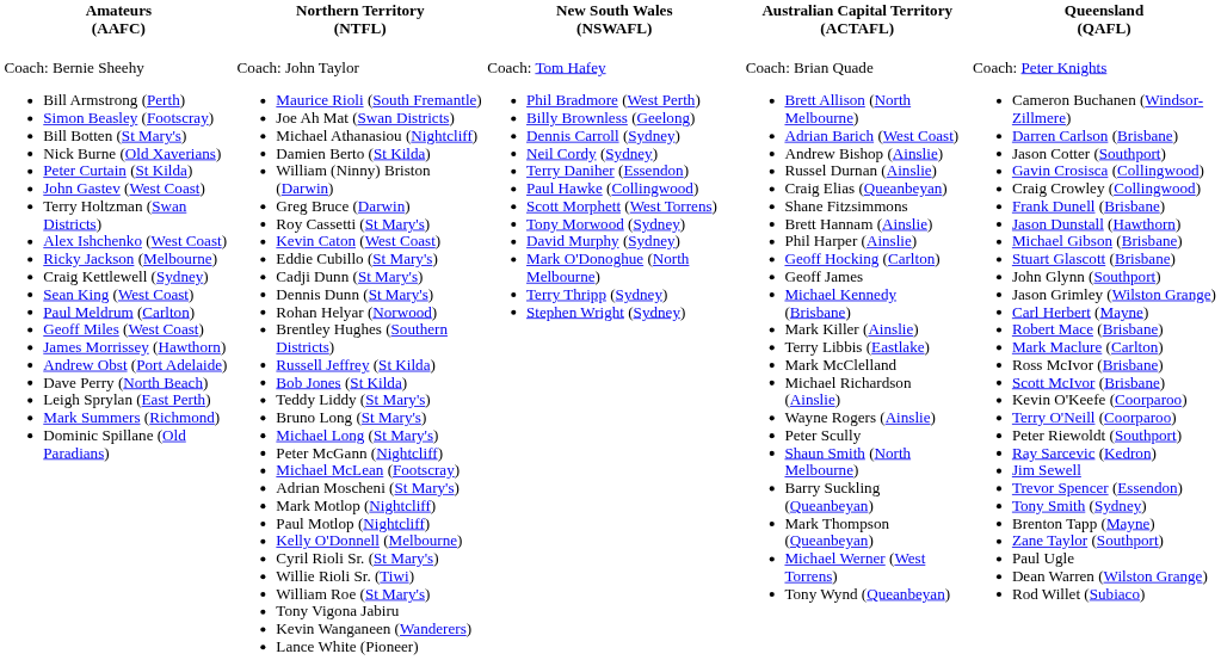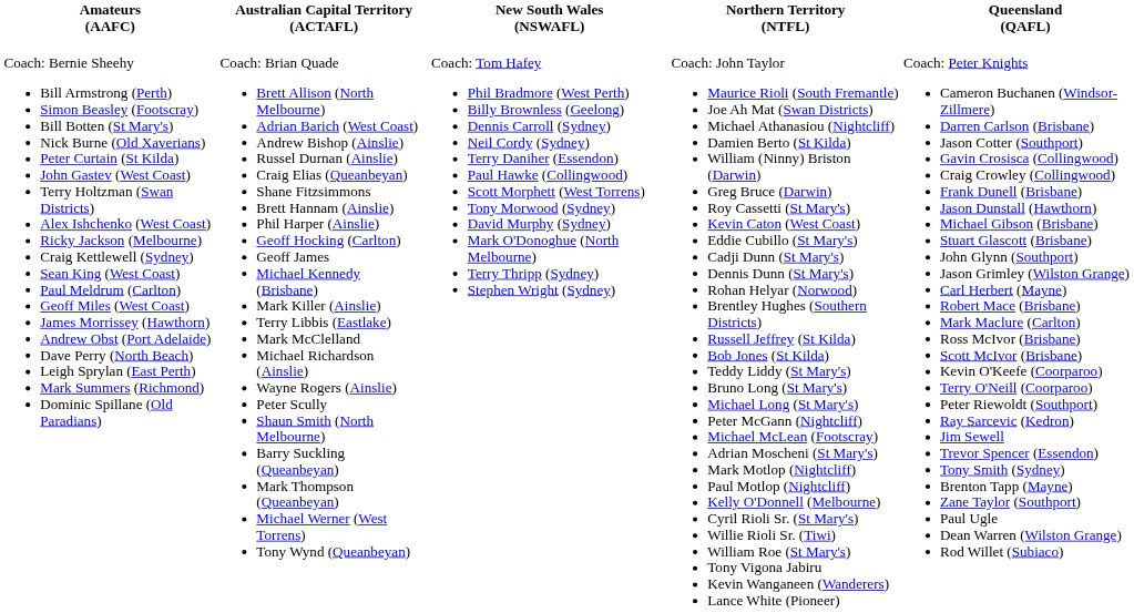 <table>
 <tr>
 <th>Amateurs<br>(AAFC)</th>
+<th>Australian Capital Territory<br>(ACTAFL) </th>
+<th>New South Wales<br>(NSWAFL) </th>
 <th>Northern Territory<br>(NTFL) </th>
-<th>New South Wales<br>(NSWAFL) </th>
-<th>Australian Capital Territory<br>(ACTAFL) </th>
 <th>Queensland<br>(QAFL) </th>
 </tr>
 <tr valign="top">
 <td><br>Coach: Bernie Sheehy<ul><li>Bill Armstrong (<a href='#'>Perth</a>)</li><li><a href='#'>Simon Beasley</a> (<a href='#'>Footscray</a>)</li><li>Bill Botten (<a href='#'>St Mary's</a>)</li><li>Nick Burne (<a href='#'>Old Xaverians</a>)</li><li><a href='#'>Peter Curtain</a> (<a href='#'>St Kilda</a>)</li><li><a href='#'>John Gastev</a> (<a href='#'>West Coast</a>)</li><li>Terry Holtzman (<a href='#'>Swan Districts</a>)</li><li><a href='#'>Alex Ishchenko</a> (<a href='#'>West Coast</a>)</li><li><a href='#'>Ricky Jackson</a> (<a href='#'>Melbourne</a>)</li><li>Craig Kettlewell (<a href='#'>Sydney</a>)</li><li><a href='#'>Sean King</a> (<a href='#'>West Coast</a>)</li><li><a href='#'>Paul Meldrum</a> (<a href='#'>Carlton</a>)</li><li><a href='#'>Geoff Miles</a> (<a href='#'>West Coast</a>)</li><li><a href='#'>James Morrissey</a> (<a href='#'>Hawthorn</a>)</li><li><a href='#'>Andrew Obst</a>  (<a href='#'>Port Adelaide</a>)</li><li>Dave Perry (<a href='#'>North Beach</a>)</li><li>Leigh Sprylan (<a href='#'>East Perth</a>)</li><li><a href='#'>Mark Summers</a> (<a href='#'>Richmond</a>)</li><li>Dominic Spillane (<a href='#'>Old Paradians</a>)</li></ul></td>
+<td><br>Coach: Brian Quade<ul><li><a href='#'>Brett Allison</a> (<a href='#'>North Melbourne</a>)</li><li><a href='#'>Adrian Barich</a> (<a href='#'>West Coast</a>)</li><li>Andrew Bishop (<a href='#'>Ainslie</a>)</li><li>Russel Durnan (<a href='#'>Ainslie</a>)</li><li>Craig Elias (<a href='#'>Queanbeyan</a>)</li><li>Shane Fitzsimmons</li><li>Brett Hannam (<a href='#'>Ainslie</a>)</li><li>Phil Harper (<a href='#'>Ainslie</a>)</li><li><a href='#'>Geoff Hocking</a> (<a href='#'>Carlton</a>)</li><li>Geoff James</li><li><a href='#'>Michael Kennedy</a><br>(<a href='#'>Brisbane</a>)</li><li>Mark Killer (<a href='#'>Ainslie</a>)</li><li>Terry Libbis (<a href='#'>Eastlake</a>)</li><li>Mark McClelland</li><li>Michael Richardson (<a href='#'>Ainslie</a>)</li><li>Wayne Rogers (<a href='#'>Ainslie</a>)</li><li>Peter Scully</li><li><a href='#'>Shaun Smith</a> (<a href='#'>North Melbourne</a>)</li><li>Barry Suckling (<a href='#'>Queanbeyan</a>)</li><li>Mark Thompson (<a href='#'>Queanbeyan</a>)</li><li><a href='#'>Michael Werner</a> (<a href='#'>West Torrens</a>)</li><li>Tony Wynd (<a href='#'>Queanbeyan</a>)</li></ul></td>
+<td><br>Coach: <a href='#'>Tom Hafey</a><ul><li><a href='#'>Phil Bradmore</a> (<a href='#'>West Perth</a>)</li><li><a href='#'>Billy Brownless</a> (<a href='#'>Geelong</a>)</li><li><a href='#'>Dennis Carroll</a> (<a href='#'>Sydney</a>)</li><li><a href='#'>Neil Cordy</a> (<a href='#'>Sydney</a>)</li><li><a href='#'>Terry Daniher</a> (<a href='#'>Essendon</a>)</li><li><a href='#'>Paul Hawke</a> (<a href='#'>Collingwood</a>)</li><li><a href='#'>Scott Morphett</a> (<a href='#'>West Torrens</a>)</li><li><a href='#'>Tony Morwood</a> (<a href='#'>Sydney</a>)</li><li><a href='#'>David Murphy</a> (<a href='#'>Sydney</a>)</li><li><a href='#'>Mark O'Donoghue</a> (<a href='#'>North Melbourne</a>)</li><li><a href='#'>Terry Thripp</a> (<a href='#'>Sydney</a>)</li><li><a href='#'>Stephen Wright</a> (<a href='#'>Sydney</a>)</li></ul></td>
 <td><br>Coach: John Taylor<ul><li><a href='#'>Maurice Rioli</a> (<a href='#'>South Fremantle</a>)</li><li>Joe Ah Mat (<a href='#'>Swan Districts</a>)</li><li>Michael Athanasiou (<a href='#'>Nightcliff</a>)</li><li>Damien Berto (<a href='#'>St Kilda</a>)</li><li>William (Ninny) Briston (<a href='#'>Darwin</a>)</li><li>Greg Bruce (<a href='#'>Darwin</a>)</li><li>Roy Cassetti (<a href='#'>St Mary's</a>)</li><li><a href='#'>Kevin Caton</a> (<a href='#'>West Coast</a>)</li><li>Eddie Cubillo (<a href='#'>St Mary's</a>)</li><li>Cadji Dunn (<a href='#'>St Mary's</a>)</li><li>Dennis Dunn (<a href='#'>St Mary's</a>)</li><li>Rohan Helyar (<a href='#'>Norwood</a>)</li><li>Brentley Hughes (<a href='#'>Southern Districts</a>)</li><li><a href='#'>Russell Jeffrey</a> (<a href='#'>St Kilda</a>)</li><li><a href='#'>Bob Jones</a> (<a href='#'>St Kilda</a>)</li><li>Teddy Liddy (<a href='#'>St Mary's</a>)</li><li>Bruno Long (<a href='#'>St Mary's</a>)</li><li><a href='#'>Michael Long</a> (<a href='#'>St Mary's</a>)</li><li>Peter McGann (<a href='#'>Nightcliff</a>)</li><li><a href='#'>Michael McLean</a> (<a href='#'>Footscray</a>)</li><li>Adrian Moscheni (<a href='#'>St Mary's</a>)</li><li>Mark Motlop (<a href='#'>Nightcliff</a>)</li><li>Paul Motlop (<a href='#'>Nightcliff</a>)</li><li><a href='#'>Kelly O'Donnell</a> (<a href='#'>Melbourne</a>)</li><li>Cyril Rioli Sr. (<a href='#'>St Mary's</a>)</li><li>Willie Rioli Sr. (<a href='#'>Tiwi</a>)</li><li>William Roe (<a href='#'>St Mary's</a>)</li><li>Tony Vigona Jabiru</li><li>Kevin Wanganeen (<a href='#'>Wanderers</a>)</li><li>Lance White (Pioneer)</li></ul></td>
-<td><br>Coach: <a href='#'>Tom Hafey</a><ul><li><a href='#'>Phil Bradmore</a> (<a href='#'>West Perth</a>)</li><li><a href='#'>Billy Brownless</a> (<a href='#'>Geelong</a>)</li><li><a href='#'>Dennis Carroll</a> (<a href='#'>Sydney</a>)</li><li><a href='#'>Neil Cordy</a> (<a href='#'>Sydney</a>)</li><li><a href='#'>Terry Daniher</a> (<a href='#'>Essendon</a>)</li><li><a href='#'>Paul Hawke</a> (<a href='#'>Collingwood</a>)</li><li><a href='#'>Scott Morphett</a> (<a href='#'>West Torrens</a>)</li><li><a href='#'>Tony Morwood</a> (<a href='#'>Sydney</a>)</li><li><a href='#'>David Murphy</a> (<a href='#'>Sydney</a>)</li><li><a href='#'>Mark O'Donoghue</a> (<a href='#'>North Melbourne</a>)</li><li><a href='#'>Terry Thripp</a> (<a href='#'>Sydney</a>)</li><li><a href='#'>Stephen Wright</a> (<a href='#'>Sydney</a>)</li></ul></td>
-<td><br>Coach: Brian Quade<ul><li><a href='#'>Brett Allison</a> (<a href='#'>North Melbourne</a>)</li><li><a href='#'>Adrian Barich</a> (<a href='#'>West Coast</a>)</li><li>Andrew Bishop (<a href='#'>Ainslie</a>)</li><li>Russel Durnan (<a href='#'>Ainslie</a>)</li><li>Craig Elias (<a href='#'>Queanbeyan</a>)</li><li>Shane Fitzsimmons</li><li>Brett Hannam (<a href='#'>Ainslie</a>)</li><li>Phil Harper (<a href='#'>Ainslie</a>)</li><li><a href='#'>Geoff Hocking</a> (<a href='#'>Carlton</a>)</li><li>Geoff James</li><li><a href='#'>Michael Kennedy</a><br>(<a href='#'>Brisbane</a>)</li><li>Mark Killer (<a href='#'>Ainslie</a>)</li><li>Terry Libbis (<a href='#'>Eastlake</a>)</li><li>Mark McClelland</li><li>Michael Richardson (<a href='#'>Ainslie</a>)</li><li>Wayne Rogers (<a href='#'>Ainslie</a>)</li><li>Peter Scully</li><li><a href='#'>Shaun Smith</a> (<a href='#'>North Melbourne</a>)</li><li>Barry Suckling (<a href='#'>Queanbeyan</a>)</li><li>Mark Thompson (<a href='#'>Queanbeyan</a>)</li><li><a href='#'>Michael Werner</a> (<a href='#'>West Torrens</a>)</li><li>Tony Wynd (<a href='#'>Queanbeyan</a>)</li></ul></td>
 <td><br>Coach: <a href='#'>Peter Knights</a><ul><li>Cameron Buchanen (<a href='#'>Windsor-Zillmere</a>)</li><li><a href='#'>Darren Carlson</a> (<a href='#'>Brisbane</a>)</li><li>Jason Cotter (<a href='#'>Southport</a>)</li><li><a href='#'>Gavin Crosisca</a> (<a href='#'>Collingwood</a>)</li><li>Craig Crowley (<a href='#'>Collingwood</a>)</li><li><a href='#'>Frank Dunell</a> (<a href='#'>Brisbane</a>)</li><li><a href='#'>Jason Dunstall</a> (<a href='#'>Hawthorn</a>)</li><li><a href='#'>Michael Gibson</a> (<a href='#'>Brisbane</a>)</li><li><a href='#'>Stuart Glascott</a> (<a href='#'>Brisbane</a>)</li><li>John Glynn (<a href='#'>Southport</a>)</li><li>Jason Grimley (<a href='#'>Wilston Grange</a>)</li><li><a href='#'>Carl Herbert</a> (<a href='#'>Mayne</a>)</li><li><a href='#'>Robert Mace</a> (<a href='#'>Brisbane</a>)</li><li><a href='#'>Mark Maclure</a> (<a href='#'>Carlton</a>)</li><li>Ross McIvor (<a href='#'>Brisbane</a>)</li><li><a href='#'>Scott McIvor</a> (<a href='#'>Brisbane</a>)</li><li>Kevin O'Keefe (<a href='#'>Coorparoo</a>)</li><li><a href='#'>Terry O'Neill</a> (<a href='#'>Coorparoo</a>)</li><li>Peter Riewoldt (<a href='#'>Southport</a>)</li><li><a href='#'>Ray Sarcevic</a> (<a href='#'>Kedron</a>)</li><li><a href='#'>Jim Sewell</a></li><li><a href='#'>Trevor Spencer</a> (<a href='#'>Essendon</a>)</li><li><a href='#'>Tony Smith</a> (<a href='#'>Sydney</a>)</li><li>Brenton Tapp (<a href='#'>Mayne</a>)</li><li><a href='#'>Zane Taylor</a> (<a href='#'>Southport</a>)</li><li>Paul Ugle</li><li>Dean Warren (<a href='#'>Wilston Grange</a>)</li><li>Rod Willet (<a href='#'>Subiaco</a>)</li></ul></td>
 </tr>
 </table>
